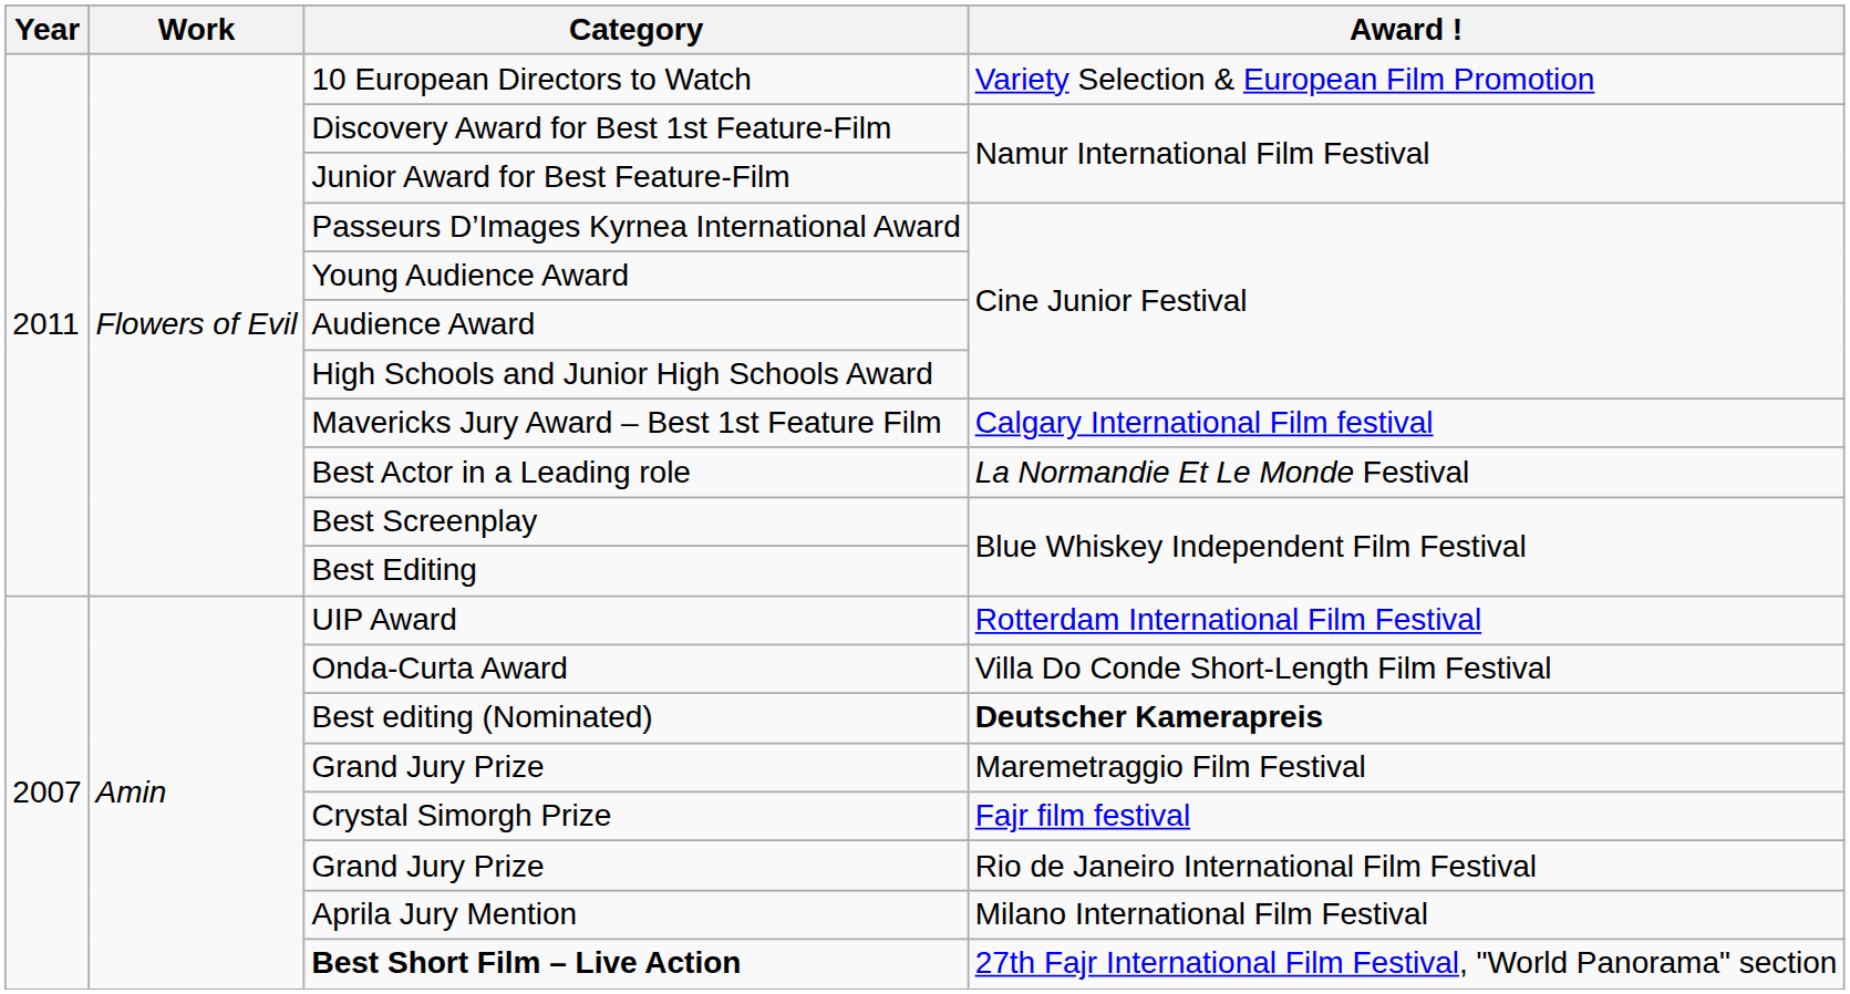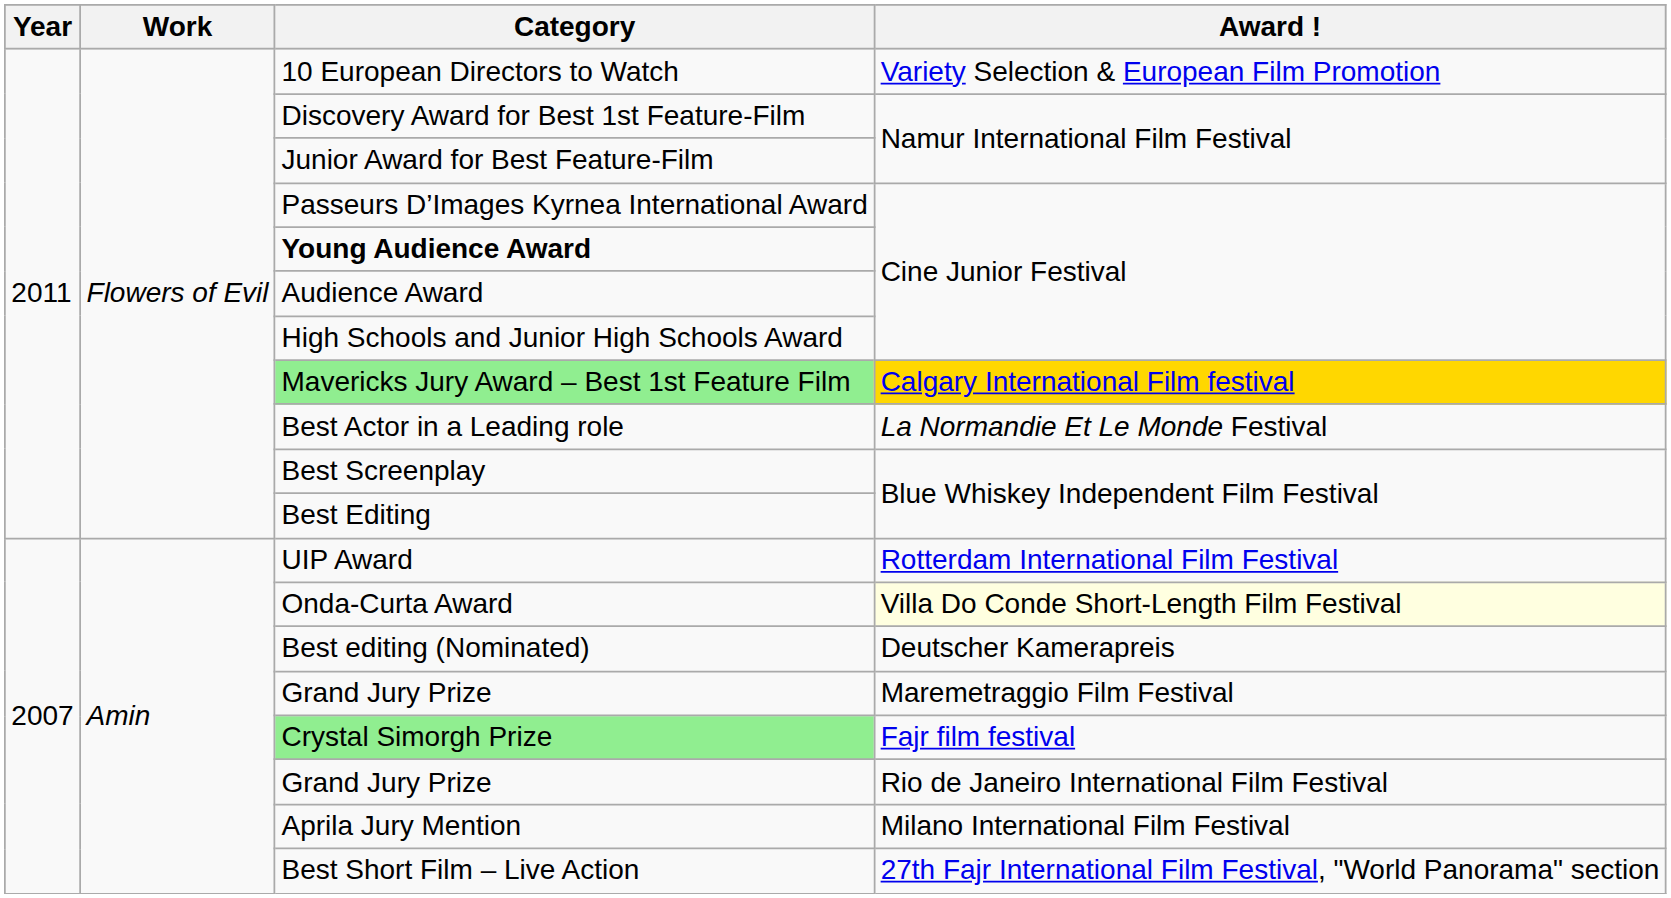 <table class="wikitable">
 <tr style="background:#ccc; text-align:center;">
 <th>Year</th>
 <th>Work</th>
 <th>Category</th>
 <th>Award !</th>
 </tr>
 <tr>
 <td rowspan="11">2011</td>
 <td rowspan="11"><em>Flowers of Evil</em></td>
 <td>10 European Directors to Watch</td>
 <td><a href='#'>Variety</a> Selection & <a href='#'>European Film Promotion</a></td>
 </tr>
 <tr>
 <td>Discovery Award for Best 1st Feature-Film</td>
 <td rowspan="2">Namur International Film Festival</td>
 </tr>
 <tr>
 <td>Junior Award for Best Feature-Film</td>
 </tr>
 <tr>
 <td>Passeurs D’Images Kyrnea International Award</td>
 <td rowspan="4">Cine Junior Festival</td>
 </tr>
 <tr>
-<td>Young Audience Award</td>
+<td><strong>Young Audience Award</strong></td>
 </tr>
 <tr>
 <td>Audience Award</td>
 </tr>
 <tr>
 <td>High Schools and Junior High Schools Award</td>
 </tr>
 <tr>
-<td>Mavericks Jury Award – Best 1st Feature Film</td>
-<td><a href='#'>Calgary International Film festival</a></td>
+<td style="background: lightgreen;">Mavericks Jury Award – Best 1st Feature Film</td>
+<td style="background: gold;"><a href='#'>Calgary International Film festival</a></td>
 </tr>
 <tr>
 <td>Best Actor in a Leading role</td>
 <td><em>La Normandie Et Le Monde</em> Festival</td>
 </tr>
 <tr>
 <td>Best Screenplay</td>
 <td rowspan="2">Blue Whiskey Independent Film Festival</td>
 </tr>
 <tr>
 <td>Best Editing</td>
 </tr>
 <tr>
 <td rowspan="8">2007</td>
 <td rowspan="8"><em>Amin</em></td>
 <td>UIP Award</td>
 <td><a href='#'>Rotterdam International Film Festival</a></td>
 </tr>
 <tr>
 <td>Onda-Curta Award</td>
-<td>Villa Do Conde Short-Length Film Festival</td>
+<td style="background: lightyellow;">Villa Do Conde Short-Length Film Festival</td>
 </tr>
 <tr>
 <td>Best editing (Nominated)</td>
-<td><strong>Deutscher Kamerapreis</strong></td>
+<td>Deutscher Kamerapreis</td>
 </tr>
 <tr>
 <td>Grand Jury Prize</td>
 <td>Maremetraggio Film Festival</td>
 </tr>
 <tr>
-<td>Crystal Simorgh Prize</td>
+<td style="background: lightgreen;">Crystal Simorgh Prize</td>
 <td><a href='#'>Fajr film festival</a></td>
 </tr>
 <tr>
 <td>Grand Jury Prize</td>
 <td>Rio de Janeiro International Film Festival</td>
 </tr>
 <tr>
 <td>Aprila Jury Mention</td>
 <td>Milano International Film Festival</td>
 </tr>
 <tr>
-<td><strong>Best Short Film – Live Action</strong></td>
+<td>Best Short Film – Live Action</td>
 <td><a href='#'>27th Fajr International Film Festival</a>, "World Panorama" section</td>
 </tr>
 </table>
